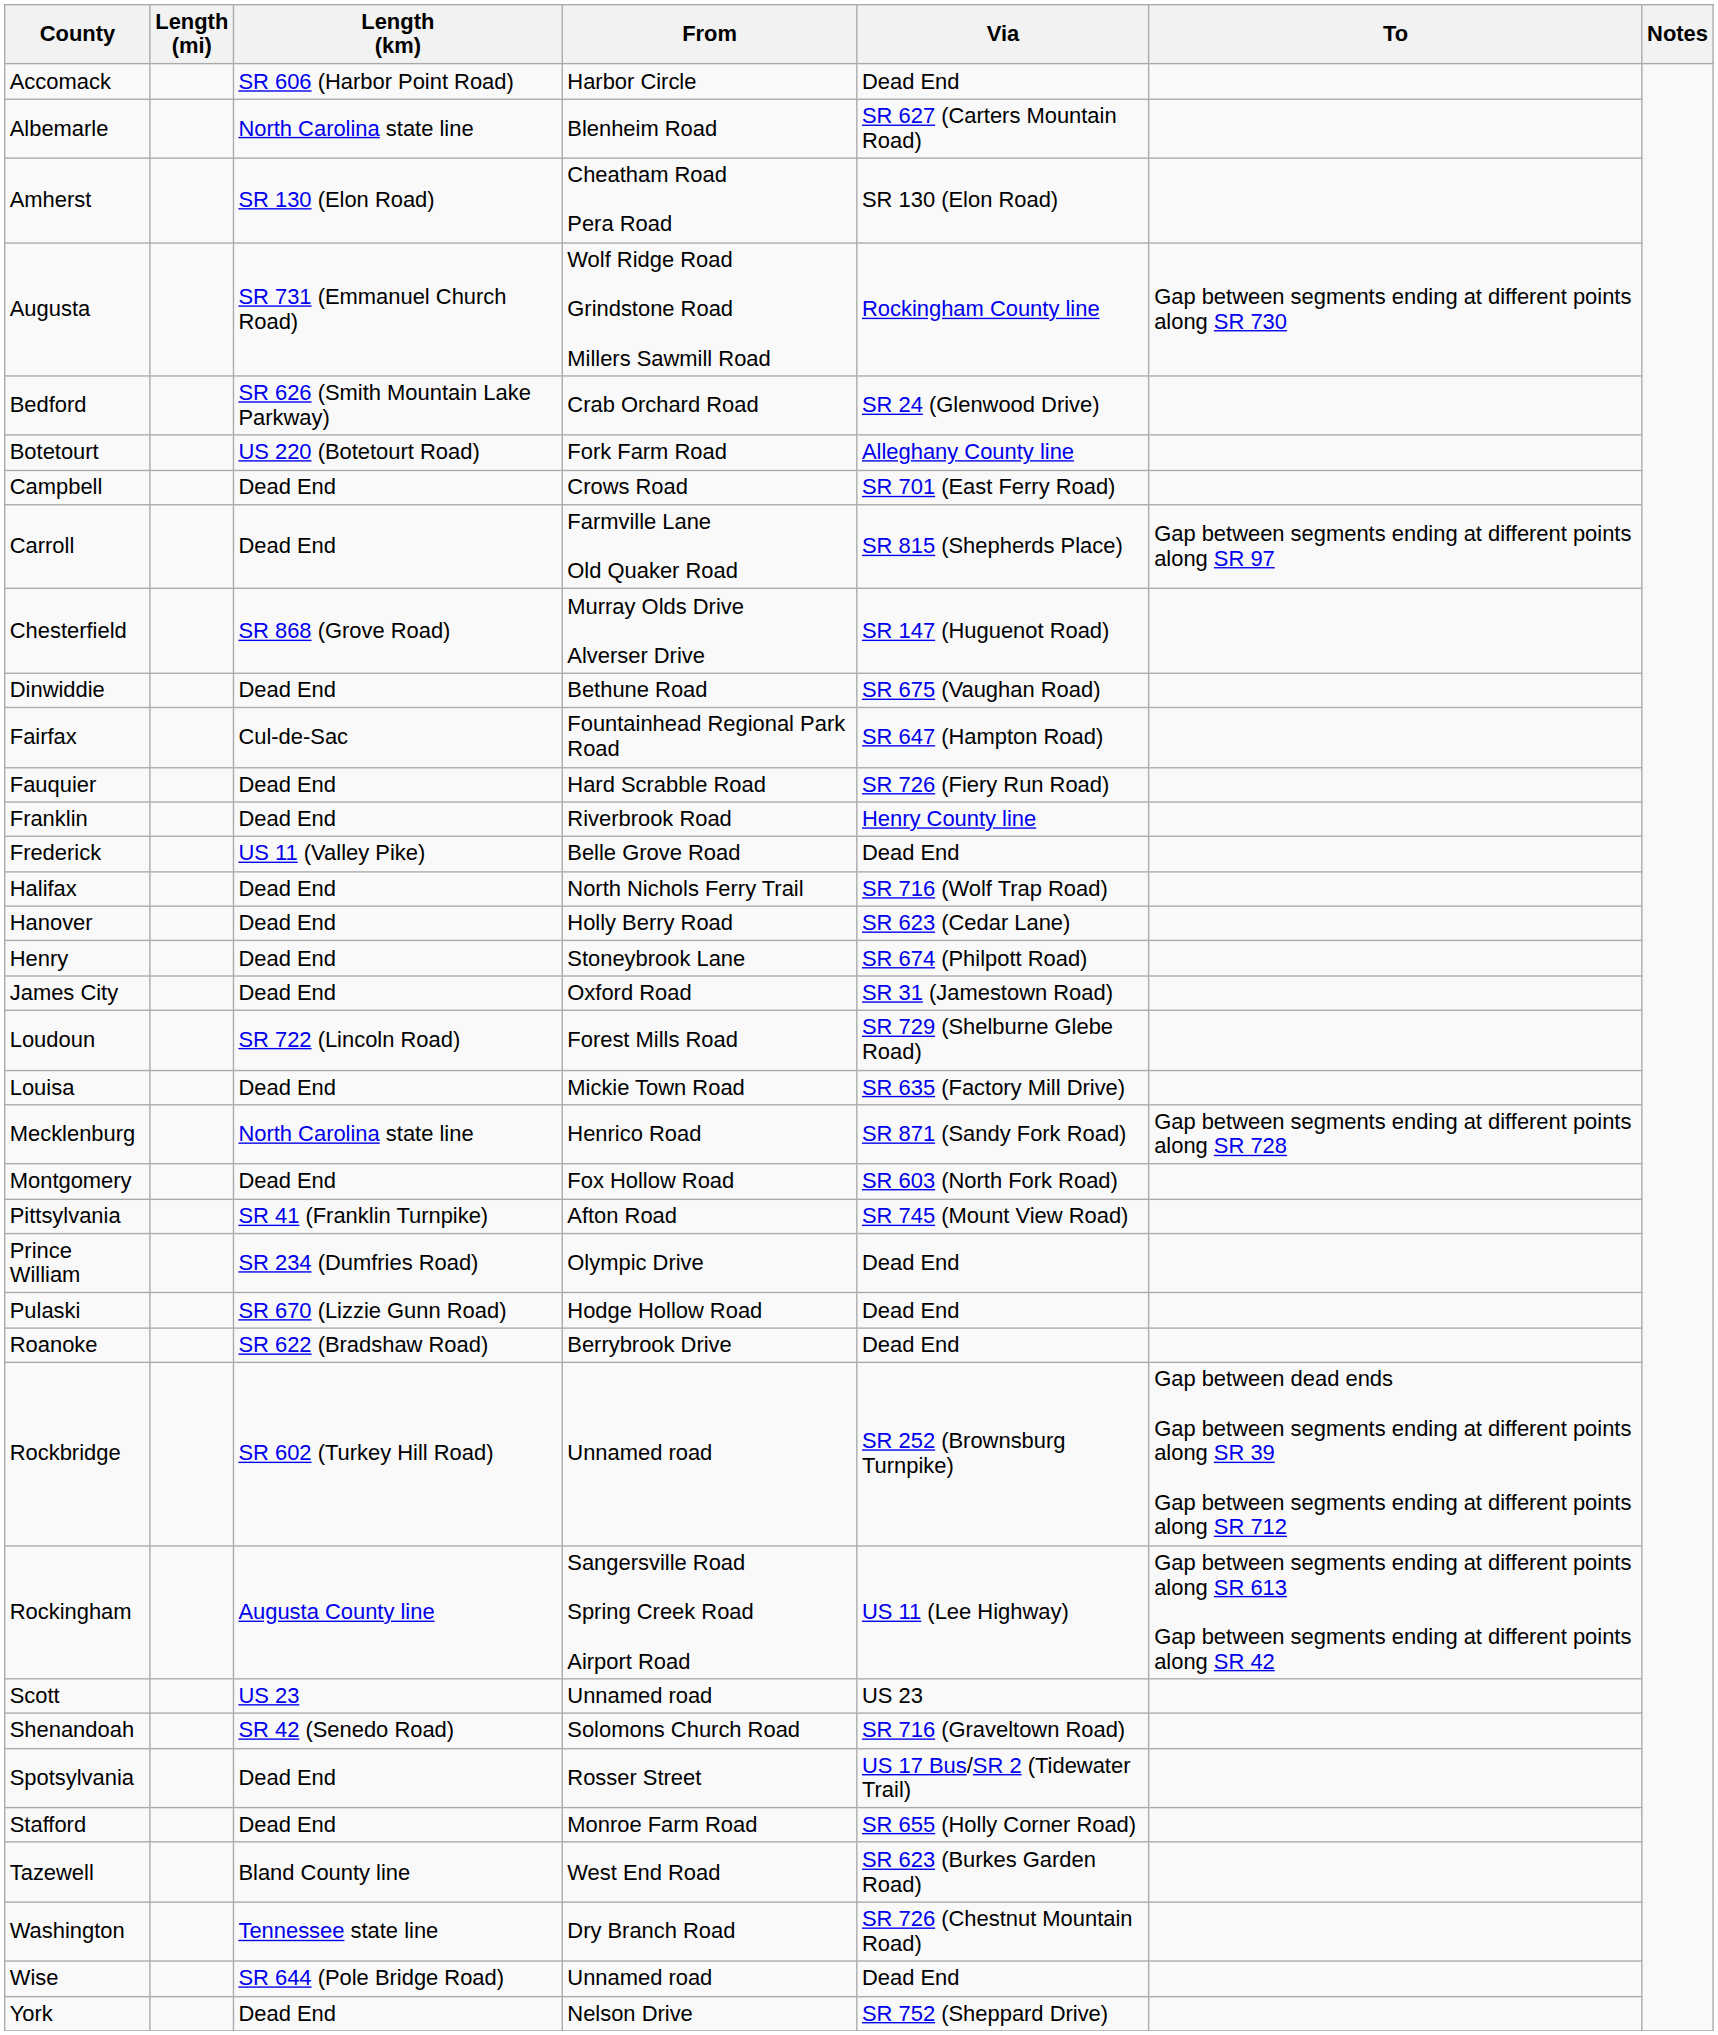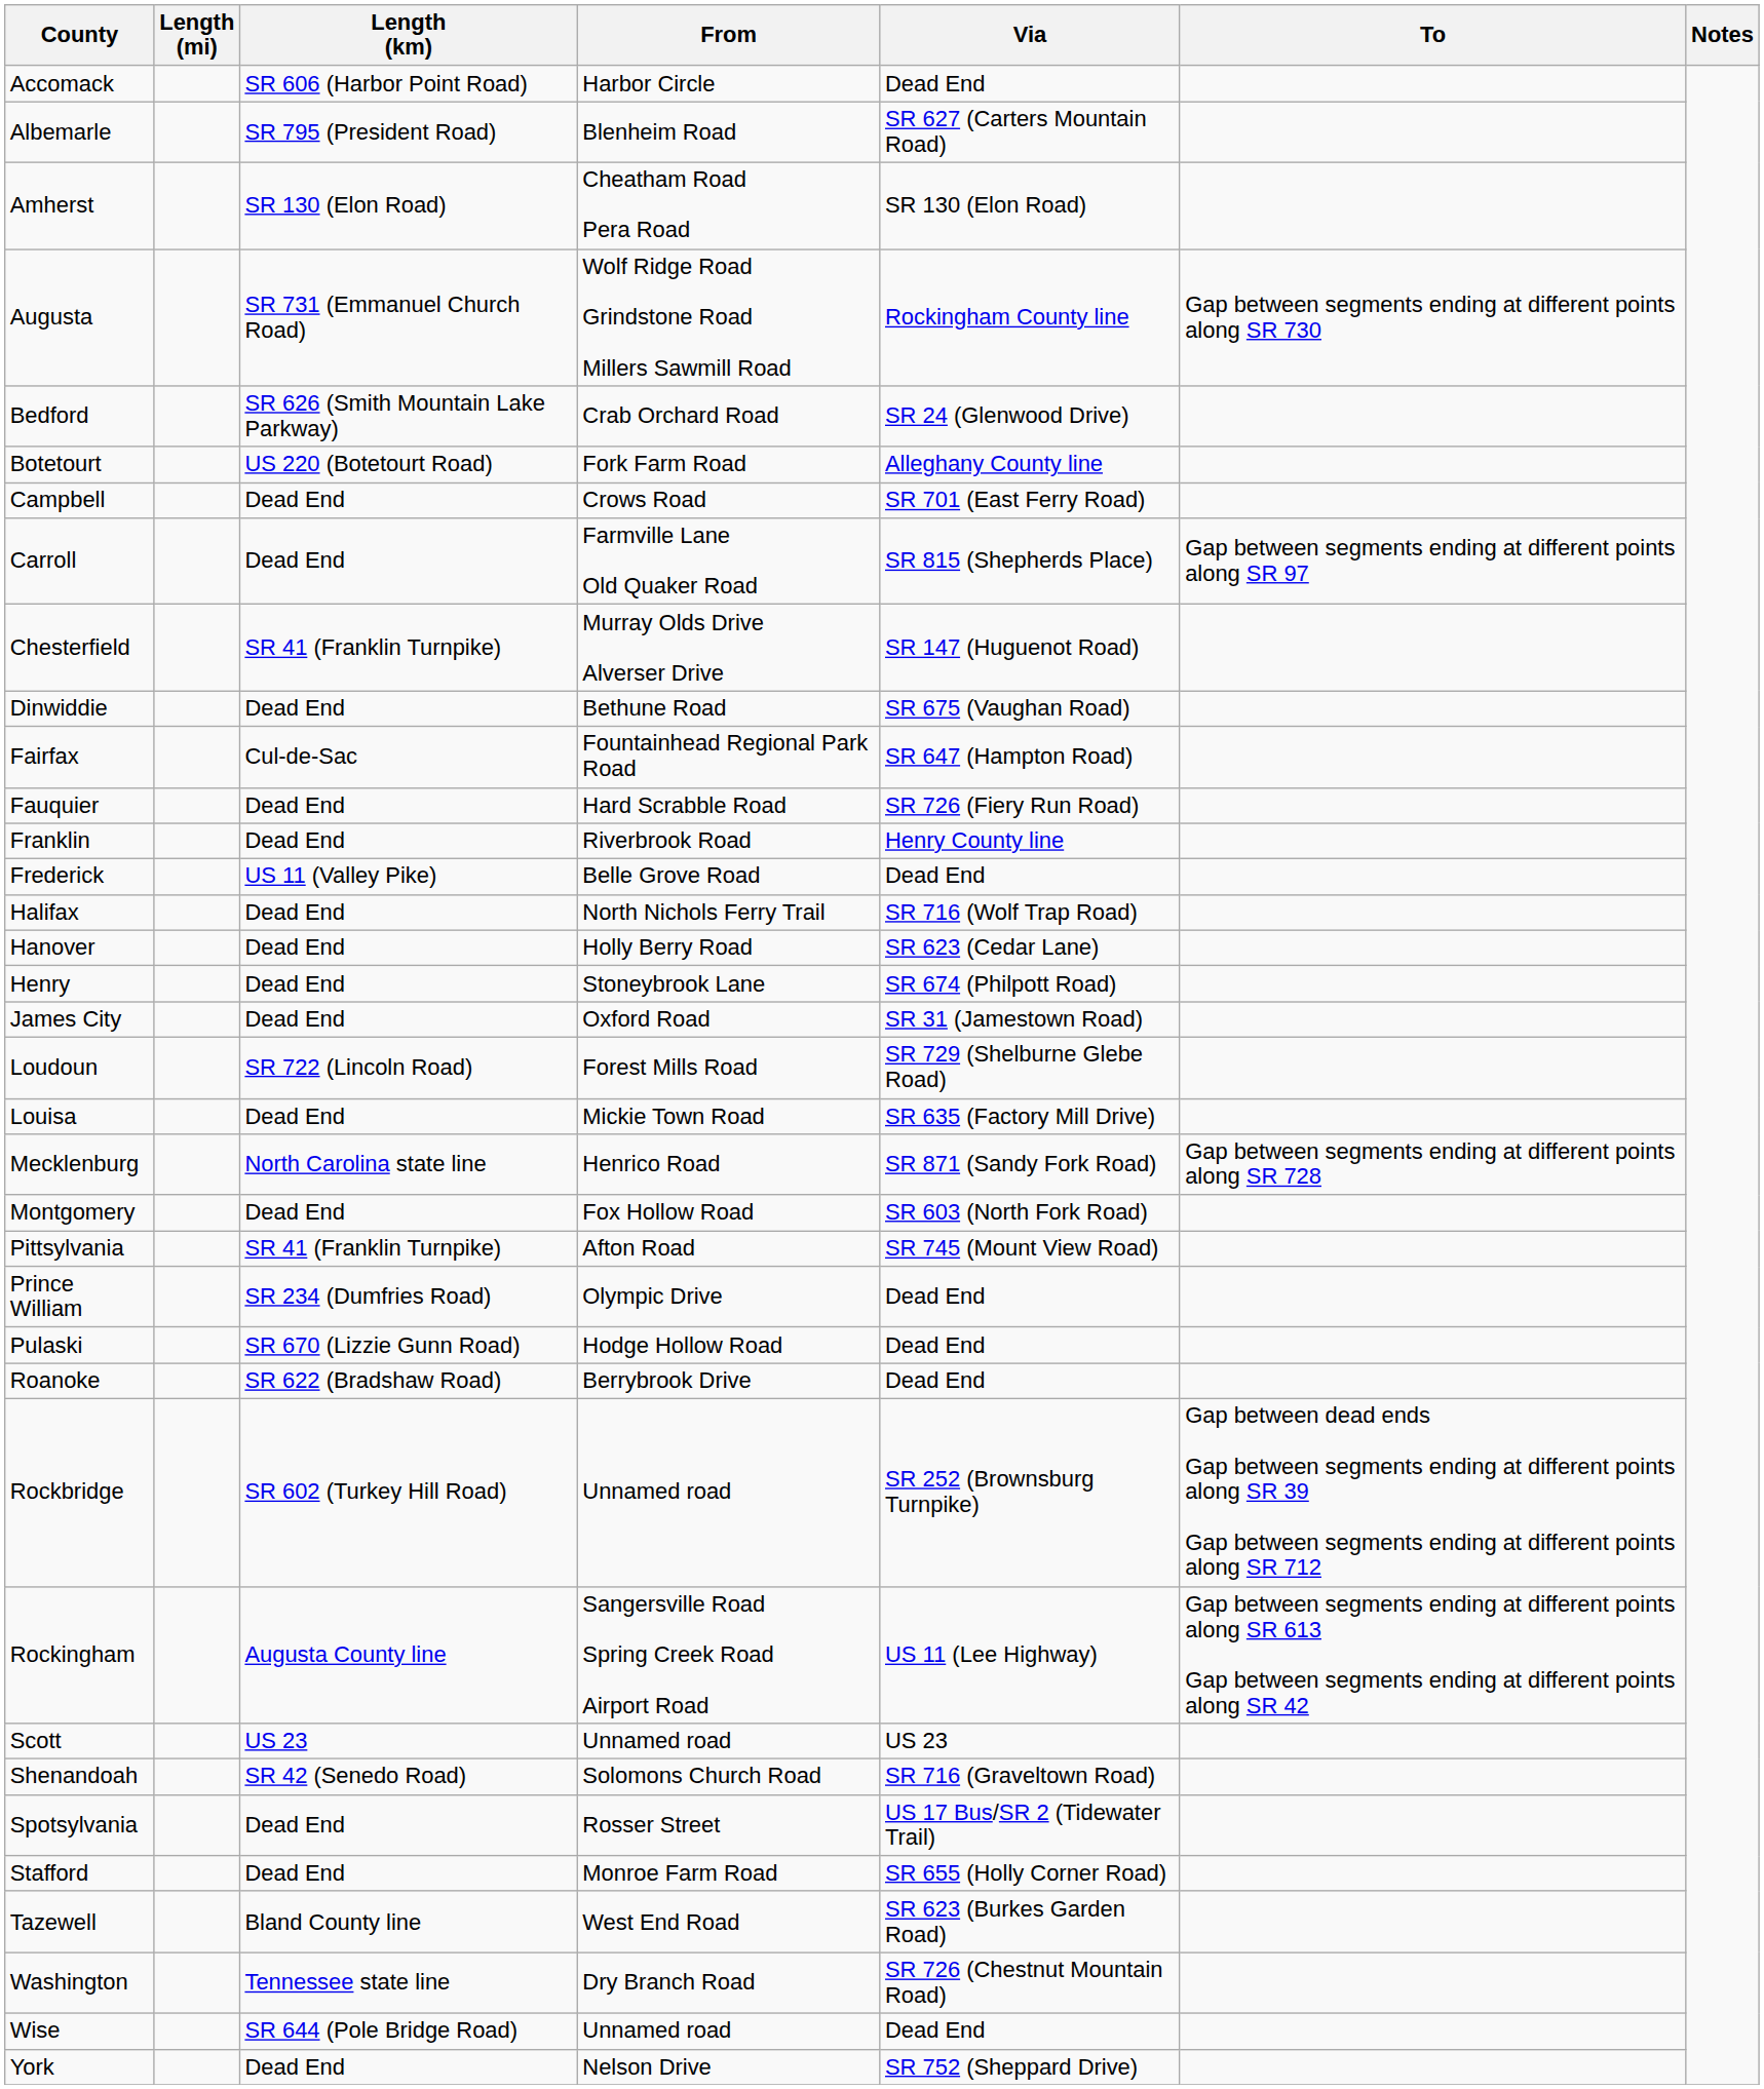 <table class="wikitable sortable">
 <tr>
 <th>County</th>
 <th>Length<br>(mi)</th>
 <th>Length<br>(km)</th>
 <th class="unsortable">From</th>
 <th class="unsortable">Via</th>
 <th class="unsortable">To</th>
 <th class="unsortable">Notes</th>
 </tr>
 <tr>
 <td id="Accomack">Accomack</td>
 <td></td>
 <td><a href='#'>SR 606</a> (Harbor Point Road)</td>
 <td>Harbor Circle</td>
 <td>Dead End</td>
 <td></td>
 </tr>
 <tr>
 <td id="Albemarle">Albemarle</td>
 <td></td>
-<td><a href='#'>North Carolina</a> state line</td>
+<td><a href='#'>SR 795</a> (President Road)</td>
 <td>Blenheim Road</td>
 <td><a href='#'>SR 627</a> (Carters Mountain Road)</td>
 <td><br> </td>
 </tr>
 <tr>
 <td id="Amherst">Amherst</td>
 <td></td>
 <td><a href='#'>SR 130</a> (Elon Road)</td>
 <td>Cheatham Road<br><br>Pera Road</td>
 <td>SR 130 (Elon Road)</td>
 <td><br> </td>
 </tr>
 <tr>
 <td id="Augusta">Augusta</td>
 <td></td>
 <td><a href='#'>SR 731</a> (Emmanuel Church Road)</td>
 <td>Wolf Ridge Road<br><br>Grindstone Road<br><br>Millers Sawmill Road</td>
 <td><a href='#'>Rockingham County line</a></td>
 <td>Gap between segments ending at different points along <a href='#'>SR 730</a><br></td>
 </tr>
 <tr>
 <td id="Bedford">Bedford</td>
 <td></td>
 <td><a href='#'>SR 626</a> (Smith Mountain Lake Parkway)</td>
 <td>Crab Orchard Road</td>
 <td><a href='#'>SR 24</a> (Glenwood Drive)</td>
 <td><br></td>
 </tr>
 <tr>
 <td id="Botetourt">Botetourt</td>
 <td></td>
 <td><a href='#'>US 220</a> (Botetourt Road)</td>
 <td>Fork Farm Road</td>
 <td><a href='#'>Alleghany County line</a></td>
 <td><br>  </td>
 </tr>
 <tr>
 <td id="Campbell">Campbell</td>
 <td></td>
 <td>Dead End</td>
 <td>Crows Road</td>
 <td><a href='#'>SR 701</a> (East Ferry Road)</td>
 <td><br></td>
 </tr>
 <tr>
 <td id="Carroll">Carroll</td>
 <td></td>
 <td>Dead End</td>
 <td>Farmville Lane<br><br>Old Quaker Road</td>
 <td><a href='#'>SR 815</a> (Shepherds Place)</td>
 <td>Gap between segments ending at different points along <a href='#'>SR 97</a><br> </td>
 </tr>
 <tr>
 <td id="Chesterfield">Chesterfield</td>
 <td></td>
-<td><a href='#'>SR 868</a> (Grove Road)</td>
+<td><a href='#'>SR 41</a> (Franklin Turnpike)</td>
 <td>Murray Olds Drive<br><br>Alverser Drive</td>
 <td><a href='#'>SR 147</a> (Huguenot Road)</td>
 <td><br>    </td>
 </tr>
 <tr>
 <td id="Dinwiddie">Dinwiddie</td>
 <td></td>
 <td>Dead End</td>
 <td>Bethune Road</td>
 <td><a href='#'>SR 675</a> (Vaughan Road)</td>
 <td><br></td>
 </tr>
 <tr>
 <td id="Fairfax">Fairfax</td>
 <td></td>
 <td>Cul-de-Sac</td>
 <td>Fountainhead Regional Park Road</td>
 <td><a href='#'>SR 647</a> (Hampton Road)</td>
 <td></td>
 </tr>
 <tr>
 <td id="Fauquier">Fauquier</td>
 <td></td>
 <td>Dead End</td>
 <td>Hard Scrabble Road</td>
 <td><a href='#'>SR 726</a> (Fiery Run Road)</td>
 <td><br> </td>
 </tr>
 <tr>
 <td id="Franklin">Franklin</td>
 <td></td>
 <td>Dead End</td>
 <td>Riverbrook Road</td>
 <td><a href='#'>Henry County line</a></td>
 <td></td>
 </tr>
 <tr>
 <td id="Frederick">Frederick</td>
 <td></td>
 <td><a href='#'>US 11</a> (Valley Pike)</td>
 <td>Belle Grove Road</td>
 <td>Dead End</td>
 <td><br>     </td>
 </tr>
 <tr>
 <td id="Halifax">Halifax</td>
 <td></td>
 <td>Dead End</td>
 <td>North Nichols Ferry Trail</td>
 <td><a href='#'>SR 716</a> (Wolf Trap Road)</td>
 <td></td>
 </tr>
 <tr>
 <td id="Hanover">Hanover</td>
 <td></td>
 <td>Dead End</td>
 <td>Holly Berry Road</td>
 <td><a href='#'>SR 623</a> (Cedar Lane)</td>
 <td><br></td>
 </tr>
 <tr>
 <td id="Henry">Henry</td>
 <td></td>
 <td>Dead End</td>
 <td>Stoneybrook Lane</td>
 <td><a href='#'>SR 674</a> (Philpott Road)</td>
 <td><br> </td>
 </tr>
 <tr>
 <td id="James City">James City</td>
 <td></td>
 <td>Dead End</td>
 <td>Oxford Road</td>
 <td><a href='#'>SR 31</a> (Jamestown Road)</td>
 <td><br>    </td>
 </tr>
 <tr>
 <td id="Loudoun">Loudoun</td>
 <td></td>
 <td><a href='#'>SR 722</a> (Lincoln Road)</td>
 <td>Forest Mills Road</td>
 <td><a href='#'>SR 729</a> (Shelburne Glebe Road)</td>
 <td></td>
 </tr>
 <tr>
 <td id="Louisa">Louisa</td>
 <td></td>
 <td>Dead End</td>
 <td>Mickie Town Road</td>
 <td><a href='#'>SR 635</a> (Factory Mill Drive)</td>
 <td><br>  </td>
 </tr>
 <tr>
 <td id="Mecklenburg">Mecklenburg</td>
 <td></td>
 <td><a href='#'>North Carolina</a> state line</td>
 <td>Henrico Road</td>
 <td><a href='#'>SR 871</a> (Sandy Fork Road)</td>
 <td>Gap between segments ending at different points along <a href='#'>SR 728</a><br></td>
 </tr>
 <tr>
 <td id="Montgomery">Montgomery</td>
 <td></td>
 <td>Dead End</td>
 <td>Fox Hollow Road</td>
 <td><a href='#'>SR 603</a> (North Fork Road)</td>
 <td><br>       </td>
 </tr>
 <tr>
 <td id="Pittsylvania">Pittsylvania</td>
 <td></td>
 <td><a href='#'>SR 41</a> (Franklin Turnpike)</td>
 <td>Afton Road</td>
 <td><a href='#'>SR 745</a> (Mount View Road)</td>
 <td><br>  </td>
 </tr>
 <tr>
 <td id="Prince William">Prince William</td>
 <td></td>
 <td><a href='#'>SR 234</a> (Dumfries Road)</td>
 <td>Olympic Drive</td>
 <td>Dead End</td>
 <td></td>
 </tr>
 <tr>
 <td id="Pulaski">Pulaski</td>
 <td></td>
 <td><a href='#'>SR 670</a> (Lizzie Gunn Road)</td>
 <td>Hodge Hollow Road</td>
 <td>Dead End</td>
 <td><br> </td>
 </tr>
 <tr>
 <td id="Roanoke">Roanoke</td>
 <td></td>
 <td><a href='#'>SR 622</a> (Bradshaw Road)</td>
 <td>Berrybrook Drive</td>
 <td>Dead End</td>
 <td></td>
 </tr>
 <tr>
 <td id="Rockbridge">Rockbridge</td>
 <td></td>
 <td><a href='#'>SR 602</a> (Turkey Hill Road)</td>
 <td>Unnamed road</td>
 <td><a href='#'>SR 252</a> (Brownsburg Turnpike)</td>
 <td>Gap between dead ends<br><br>Gap between segments ending at different points along <a href='#'>SR 39</a><br><br>Gap between segments ending at different points along <a href='#'>SR 712</a></td>
 </tr>
 <tr>
 <td id="Rockingham">Rockingham</td>
 <td></td>
 <td><a href='#'>Augusta County line</a></td>
 <td>Sangersville Road<br><br>Spring Creek Road<br><br>Airport Road</td>
 <td><a href='#'>US 11</a> (Lee Highway)</td>
 <td>Gap between segments ending at different points along <a href='#'>SR 613</a><br><br>Gap between segments ending at different points along <a href='#'>SR 42</a><br></td>
 </tr>
 <tr>
 <td id="Scott">Scott</td>
 <td></td>
 <td><a href='#'>US 23</a></td>
 <td>Unnamed road</td>
 <td>US 23</td>
 <td></td>
 </tr>
 <tr>
 <td id="Shenandoah">Shenandoah</td>
 <td></td>
 <td><a href='#'>SR 42</a> (Senedo Road)</td>
 <td>Solomons Church Road</td>
 <td><a href='#'>SR 716</a> (Graveltown Road)</td>
 <td><br> </td>
 </tr>
 <tr>
 <td id="Spotsylvania">Spotsylvania</td>
 <td></td>
 <td>Dead End</td>
 <td>Rosser Street</td>
 <td><a href='#'>US 17 Bus</a>/<a href='#'>SR 2</a> (Tidewater Trail)</td>
 <td></td>
 </tr>
 <tr>
 <td id="Stafford">Stafford</td>
 <td></td>
 <td>Dead End</td>
 <td>Monroe Farm Road</td>
 <td><a href='#'>SR 655</a> (Holly Corner Road)</td>
 <td><br> </td>
 </tr>
 <tr>
 <td id="Tazewell">Tazewell</td>
 <td></td>
 <td>Bland County line</td>
 <td>West End Road</td>
 <td><a href='#'>SR 623</a> (Burkes Garden Road)</td>
 <td><br></td>
 </tr>
 <tr>
 <td id="Washington">Washington</td>
 <td></td>
 <td><a href='#'>Tennessee</a> state line</td>
 <td>Dry Branch Road</td>
 <td><a href='#'>SR 726</a> (Chestnut Mountain Road)</td>
 <td><br></td>
 </tr>
 <tr>
 <td id="Wise">Wise</td>
 <td></td>
 <td><a href='#'>SR 644</a> (Pole Bridge Road)</td>
 <td>Unnamed road</td>
 <td>Dead End</td>
 <td><br></td>
 </tr>
 <tr>
 <td id="York">York</td>
 <td></td>
 <td>Dead End</td>
 <td>Nelson Drive</td>
 <td><a href='#'>SR 752</a> (Sheppard Drive)</td>
 <td></td>
 </tr>
 </table>
